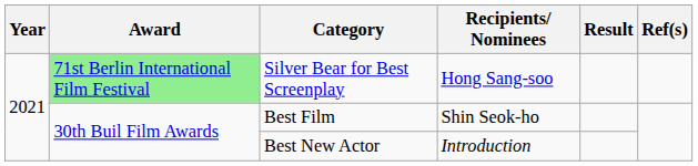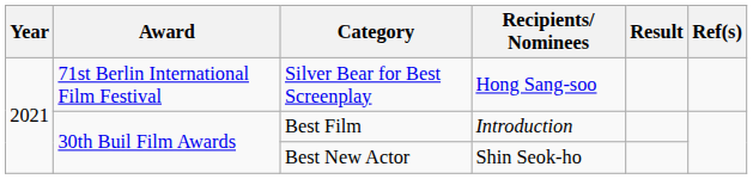 <table class="wikitable sortable">
 <tr>
 <th>Year</th>
 <th>Award</th>
 <th>Category</th>
 <th>Recipients/ Nominees</th>
 <th>Result</th>
 <th>Ref(s)</th>
 </tr>
 <tr>
 <td rowspan=3>2021</td>
-<td style="background: lightgreen;"><a href='#'>71st Berlin International Film Festival</a></td>
+<td><a href='#'>71st Berlin International Film Festival</a></td>
 <td><a href='#'>Silver Bear for Best Screenplay</a></td>
 <td><a href='#'>Hong Sang-soo</a></td>
 <td></td>
 <td></td>
 </tr>
 <tr>
 <td rowspan=2><a href='#'>30th Buil Film Awards</a></td>
 <td>Best Film</td>
-<td>Shin Seok-ho</td>
+<td><em>Introduction</em></td>
 <td></td>
 <td rowspan=2></td>
 </tr>
 <tr>
 <td>Best New Actor</td>
-<td><em>Introduction</em></td>
+<td>Shin Seok-ho</td>
 <td></td>
 </tr>
 </table>
